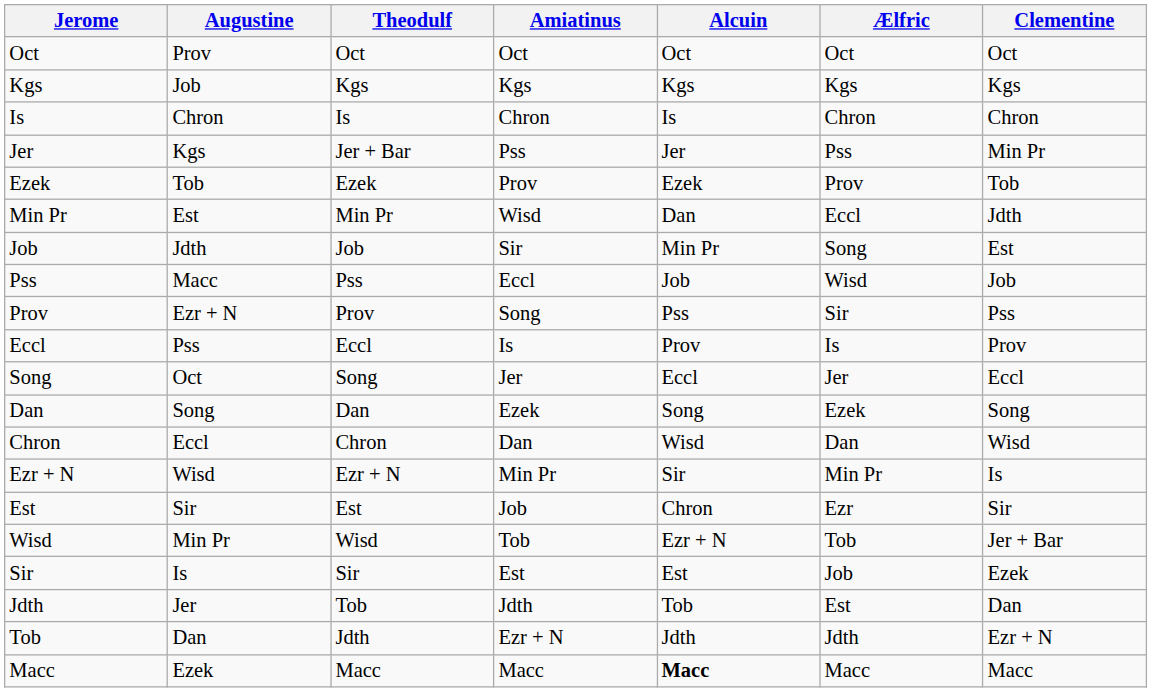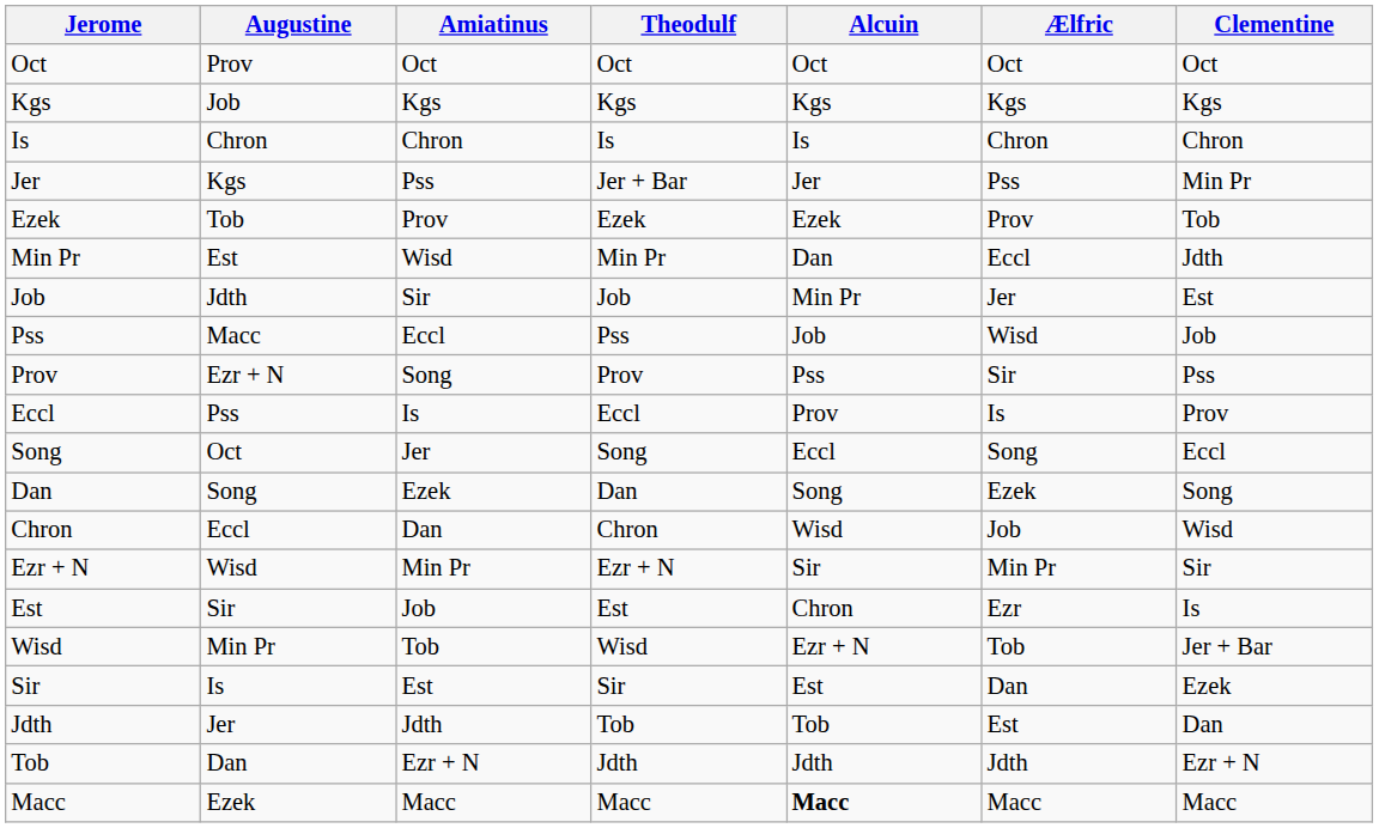 <table class="wikitable">
 <tr>
 <th scope="col" width="120"><a href='#'>Jerome</a></th>
 <th scope="col" width="120"><a href='#'>Augustine</a></th>
+<th scope="col" width="120"><a href='#'>Amiatinus</a></th>
 <th scope="col" width="120"><a href='#'>Theodulf</a></th>
-<th scope="col" width="120"><a href='#'>Amiatinus</a></th>
 <th scope="col" width="120"><a href='#'>Alcuin</a></th>
 <th scope="col" width="120"><a href='#'>Ælfric</a></th>
 <th scope="col" width="120"><a href='#'>Clementine</a></th>
 </tr>
 <tr>
 <td>Oct</td>
 <td>Prov</td>
 <td>Oct</td>
 <td>Oct</td>
 <td>Oct</td>
 <td>Oct</td>
 <td>Oct</td>
 </tr>
 <tr>
 <td>Kgs</td>
 <td>Job</td>
 <td>Kgs</td>
 <td>Kgs</td>
 <td>Kgs</td>
 <td>Kgs</td>
 <td>Kgs</td>
 </tr>
 <tr>
 <td>Is</td>
 <td>Chron</td>
+<td>Chron</td>
 <td>Is</td>
-<td>Chron</td>
 <td>Is</td>
 <td>Chron</td>
 <td>Chron</td>
 </tr>
 <tr>
 <td>Jer</td>
 <td>Kgs</td>
+<td>Pss</td>
 <td>Jer + Bar</td>
-<td>Pss</td>
 <td>Jer</td>
 <td>Pss</td>
 <td>Min Pr</td>
 </tr>
 <tr>
 <td>Ezek</td>
 <td>Tob</td>
+<td>Prov</td>
 <td>Ezek</td>
-<td>Prov</td>
 <td>Ezek</td>
 <td>Prov</td>
 <td>Tob</td>
 </tr>
 <tr>
 <td>Min Pr</td>
 <td>Est</td>
+<td>Wisd</td>
 <td>Min Pr</td>
-<td>Wisd</td>
 <td>Dan</td>
 <td>Eccl</td>
 <td>Jdth</td>
 </tr>
 <tr>
 <td>Job</td>
 <td>Jdth</td>
+<td>Sir</td>
 <td>Job</td>
-<td>Sir</td>
 <td>Min Pr</td>
-<td>Song</td>
+<td>Jer</td>
 <td>Est</td>
 </tr>
 <tr>
 <td>Pss</td>
 <td>Macc</td>
+<td>Eccl</td>
 <td>Pss</td>
-<td>Eccl</td>
 <td>Job</td>
 <td>Wisd</td>
 <td>Job</td>
 </tr>
 <tr>
 <td>Prov</td>
 <td>Ezr + N</td>
+<td>Song</td>
 <td>Prov</td>
-<td>Song</td>
 <td>Pss</td>
 <td>Sir</td>
 <td>Pss</td>
 </tr>
 <tr>
 <td>Eccl</td>
 <td>Pss</td>
+<td>Is</td>
 <td>Eccl</td>
-<td>Is</td>
 <td>Prov</td>
 <td>Is</td>
 <td>Prov</td>
 </tr>
 <tr>
 <td>Song</td>
 <td>Oct</td>
+<td>Jer</td>
 <td>Song</td>
-<td>Jer</td>
 <td>Eccl</td>
-<td>Jer</td>
+<td>Song</td>
 <td>Eccl</td>
 </tr>
 <tr>
 <td>Dan</td>
 <td>Song</td>
+<td>Ezek</td>
 <td>Dan</td>
-<td>Ezek</td>
 <td>Song</td>
 <td>Ezek</td>
 <td>Song</td>
 </tr>
 <tr>
 <td>Chron</td>
 <td>Eccl</td>
+<td>Dan</td>
 <td>Chron</td>
-<td>Dan</td>
 <td>Wisd</td>
-<td>Dan</td>
+<td>Job</td>
 <td>Wisd</td>
 </tr>
 <tr>
 <td>Ezr + N</td>
 <td>Wisd</td>
+<td>Min Pr</td>
 <td>Ezr + N</td>
+<td>Sir</td>
 <td>Min Pr</td>
 <td>Sir</td>
-<td>Min Pr</td>
-<td>Is</td>
 </tr>
 <tr>
 <td>Est</td>
 <td>Sir</td>
+<td>Job</td>
 <td>Est</td>
-<td>Job</td>
 <td>Chron</td>
 <td>Ezr</td>
-<td>Sir</td>
+<td>Is</td>
 </tr>
 <tr>
 <td>Wisd</td>
 <td>Min Pr</td>
+<td>Tob</td>
 <td>Wisd</td>
-<td>Tob</td>
 <td>Ezr + N</td>
 <td>Tob</td>
 <td>Jer + Bar</td>
 </tr>
 <tr>
 <td>Sir</td>
 <td>Is</td>
+<td>Est</td>
 <td>Sir</td>
 <td>Est</td>
-<td>Est</td>
-<td>Job</td>
+<td>Dan</td>
 <td>Ezek</td>
 </tr>
 <tr>
 <td>Jdth</td>
 <td>Jer</td>
+<td>Jdth</td>
 <td>Tob</td>
-<td>Jdth</td>
 <td>Tob</td>
 <td>Est</td>
 <td>Dan</td>
 </tr>
 <tr>
 <td>Tob</td>
 <td>Dan</td>
+<td>Ezr + N</td>
 <td>Jdth</td>
-<td>Ezr + N</td>
 <td>Jdth</td>
 <td>Jdth</td>
 <td>Ezr + N</td>
 </tr>
 <tr>
 <td>Macc</td>
 <td>Ezek</td>
 <td>Macc</td>
 <td>Macc</td>
 <td><strong>Macc</strong></td>
 <td>Macc</td>
 <td>Macc</td>
 </tr>
 </table>
